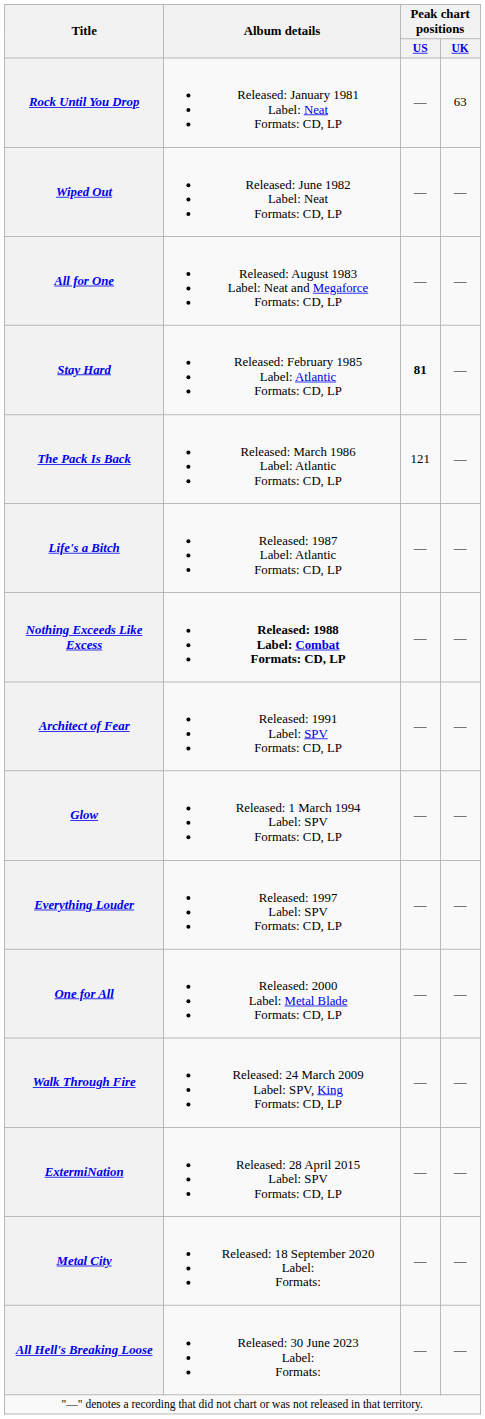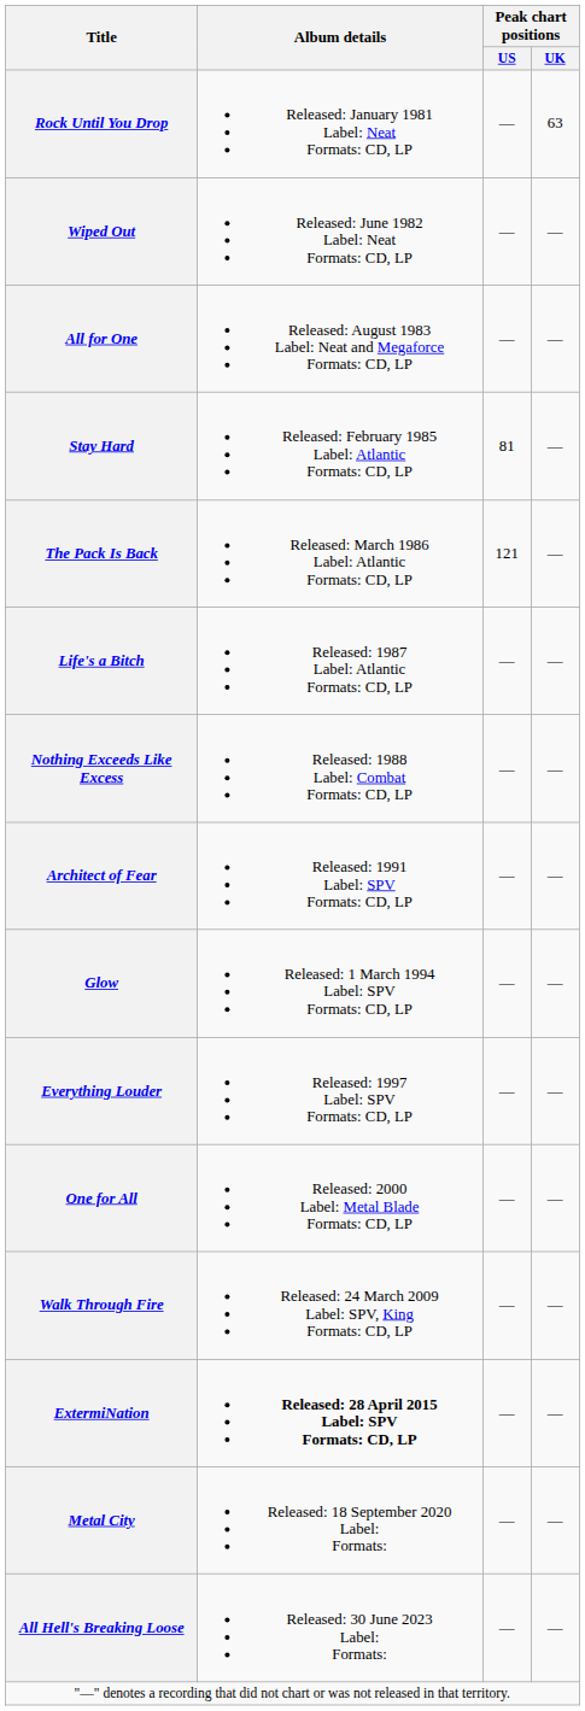 <table class="wikitable plainrowheaders" style="text-align:center;">
 <tr>
 <th scope="col" rowspan="2" style="width:12em;">Title</th>
 <th scope="col" rowspan="2" style="width:18em;">Album details</th>
 <th scope="col" colspan="10">Peak chart positions</th>
 </tr>
 <tr>
 <th scope="col" style="width:3em;font-size:90%;"><a href='#'>US</a></th>
 <th scope="col" style="width:3em;font-size:90%;"><a href='#'>UK</a></th>
 </tr>
 <tr>
 <th scope="row"><em><a href='#'>Rock Until You Drop</a></em></th>
 <td><br><ul><li>Released: January 1981</li><li>Label: <a href='#'>Neat</a></li><li>Formats: CD, LP</li></ul></td>
 <td>—</td>
 <td>63</td>
 </tr>
 <tr>
 <th scope="row"><em><a href='#'>Wiped Out</a></em></th>
 <td><br><ul><li>Released: June 1982</li><li>Label: Neat</li><li>Formats: CD, LP</li></ul></td>
 <td>—</td>
 <td>—</td>
 </tr>
 <tr>
 <th scope="row"><em><a href='#'>All for One</a></em></th>
 <td><br><ul><li>Released: August 1983</li><li>Label: Neat and <a href='#'>Megaforce</a></li><li>Formats: CD, LP</li></ul></td>
 <td>—</td>
 <td>—</td>
 </tr>
 <tr>
 <th scope="row"><em><a href='#'>Stay Hard</a></em></th>
 <td><br><ul><li>Released: February 1985</li><li>Label: <a href='#'>Atlantic</a></li><li>Formats: CD, LP</li></ul></td>
-<td><strong>81</strong></td>
+<td>81</td>
 <td>—</td>
 </tr>
 <tr>
 <th scope="row"><em><a href='#'>The Pack Is Back</a></em></th>
 <td><br><ul><li>Released: March 1986</li><li>Label: Atlantic</li><li>Formats: CD, LP</li></ul></td>
 <td>121</td>
 <td>—</td>
 </tr>
 <tr>
 <th scope="row"><em><a href='#'>Life's a Bitch</a></em></th>
 <td><br><ul><li>Released: 1987</li><li>Label: Atlantic</li><li>Formats: CD, LP</li></ul></td>
 <td>—</td>
 <td>—</td>
 </tr>
 <tr>
 <th scope="row"><em><a href='#'>Nothing Exceeds Like Excess</a></em></th>
-<td><strong><br><ul><li>Released: 1988</li><li>Label: <a href='#'>Combat</a></li><li>Formats: CD, LP</li></ul></strong></td>
+<td><br><ul><li>Released: 1988</li><li>Label: <a href='#'>Combat</a></li><li>Formats: CD, LP</li></ul></td>
 <td>—</td>
 <td>—</td>
 </tr>
 <tr>
 <th scope="row"><em><a href='#'>Architect of Fear</a></em></th>
 <td><br><ul><li>Released: 1991</li><li>Label: <a href='#'>SPV</a></li><li>Formats: CD, LP</li></ul></td>
 <td>—</td>
 <td>—</td>
 </tr>
 <tr>
 <th scope="row"><em><a href='#'>Glow</a></em></th>
 <td><br><ul><li>Released: 1 March 1994</li><li>Label: SPV</li><li>Formats: CD, LP</li></ul></td>
 <td>—</td>
 <td>—</td>
 </tr>
 <tr>
 <th scope="row"><em><a href='#'>Everything Louder</a></em></th>
 <td><br><ul><li>Released: 1997</li><li>Label: SPV</li><li>Formats: CD, LP</li></ul></td>
 <td>—</td>
 <td>—</td>
 </tr>
 <tr>
 <th scope="row"><em><a href='#'>One for All</a></em></th>
 <td><br><ul><li>Released: 2000</li><li>Label:  <a href='#'>Metal Blade</a></li><li>Formats: CD, LP</li></ul></td>
 <td>—</td>
 <td>—</td>
 </tr>
 <tr>
 <th scope="row"><em><a href='#'>Walk Through Fire</a></em></th>
 <td><br><ul><li>Released: 24 March 2009</li><li>Label: SPV, <a href='#'>King</a></li><li>Formats: CD, LP</li></ul></td>
 <td>—</td>
 <td>—</td>
 </tr>
 <tr>
 <th scope="row"><em><a href='#'>ExtermiNation</a></em></th>
-<td><br><ul><li>Released: 28 April 2015</li><li>Label: SPV</li><li>Formats: CD, LP</li></ul></td>
+<td><strong><br><ul><li>Released: 28 April 2015</li><li>Label: SPV</li><li>Formats: CD, LP</li></ul></strong></td>
 <td>—</td>
 <td>—</td>
 </tr>
 <tr>
 <th scope="row"><em><a href='#'>Metal City</a></em></th>
 <td><br><ul><li>Released: 18 September 2020</li><li>Label:</li><li>Formats:</li></ul></td>
 <td>—</td>
 <td>—</td>
 </tr>
 <tr>
 <th scope="row"><em><a href='#'>All Hell's Breaking Loose</a></em></th>
 <td><br><ul><li>Released: 30 June 2023</li><li>Label:</li><li>Formats:</li></ul></td>
 <td>—</td>
 <td>—</td>
 </tr>
 <tr>
 <td colspan="15" style="font-size:90%">"—" denotes a recording that did not chart or was not released in that territory.</td>
 </tr>
 </table>
